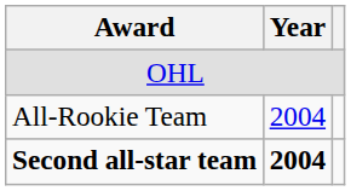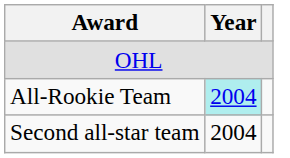 <table class="wikitable">
 <tr>
 <th>Award</th>
 <th>Year</th>
 <th></th>
 </tr>
 <tr ALIGN="center" bgcolor="#e0e0e0">
 <td colspan="3"><a href='#'>OHL</a></td>
 </tr>
 <tr>
 <td>All-Rookie Team</td>
-<td><a href='#'>2004</a></td>
+<td style="background: paleturquoise;"><a href='#'>2004</a></td>
 <td></td>
 </tr>
 <tr>
-<td><strong>Second all-star team</strong></td>
-<td><strong>2004</strong></td>
+<td>Second all-star team</td>
+<td>2004</td>
 <td></td>
 </tr>
 </table>
